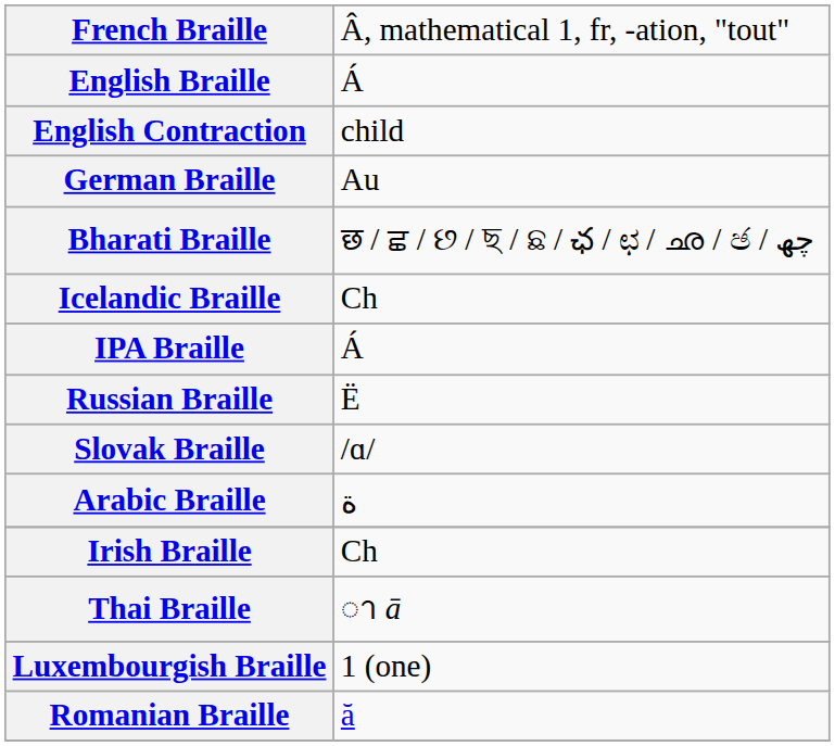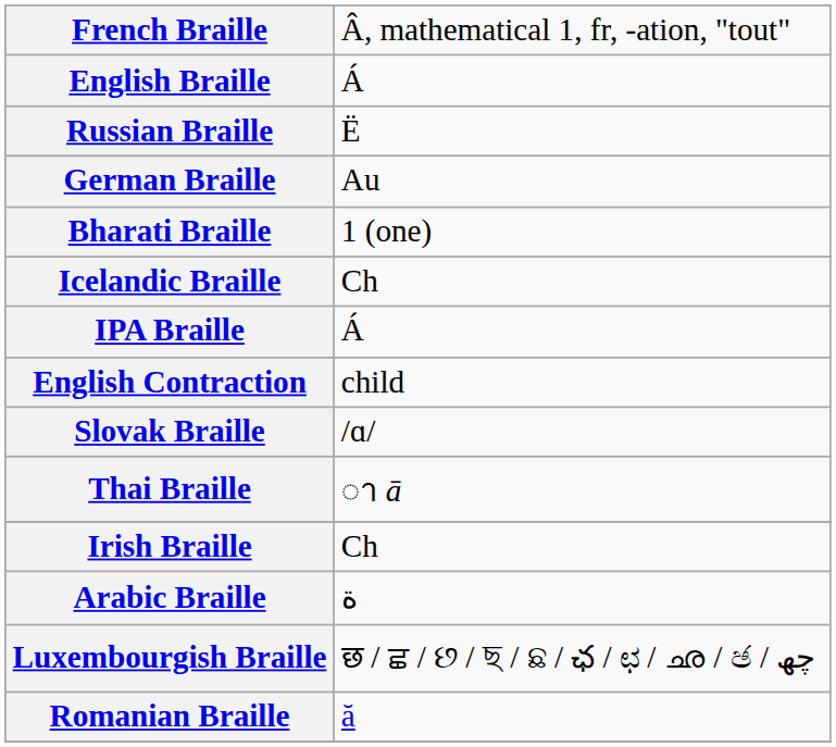 <table class="wikitable">
 <tr>
 <th align=left><a href='#'>French Braille</a></th>
 <td>Â, mathematical 1, fr, -ation, "tout"</td>
 </tr>
 <tr>
 <th align=left><a href='#'>English Braille</a></th>
 <td>Á</td>
 </tr>
 <tr>
-<th align=left><a href='#'>English Contraction</a></th>
-<td>child</td>
+<th align=left><a href='#'>Russian Braille</a></th>
+<td>Ё</td>
 </tr>
 <tr>
 <th align=left><a href='#'>German Braille</a></th>
 <td>Au</td>
 </tr>
 <tr>
 <th align=left><a href='#'>Bharati Braille</a></th>
-<td>छ / ਛ / છ / ছ / ଛ / ఛ / ಛ / ഛ / ඡ / چھ ‎</td>
+<td>1 (one)</td>
 </tr>
 <tr>
 <th align=left><a href='#'>Icelandic Braille</a></th>
 <td>Ch</td>
 </tr>
 <tr>
 <th align=left><a href='#'>IPA Braille</a></th>
 <td>Á</td>
 </tr>
 <tr>
-<th align=left><a href='#'>Russian Braille</a></th>
-<td>Ё</td>
+<th align=left><a href='#'>English Contraction</a></th>
+<td>child</td>
 </tr>
 <tr>
 <th align=left><a href='#'>Slovak Braille</a></th>
 <td>/ɑ/</td>
 </tr>
 <tr>
-<th align=left><a href='#'>Arabic Braille</a></th>
-<td>ة</td>
+<th align=left><a href='#'>Thai Braille</a></th>
+<td>◌า <em>ā</em></td>
 </tr>
 <tr>
 </tr>
 <tr>
 <th align=left><a href='#'>Irish Braille</a></th>
 <td>Ch</td>
 </tr>
 <tr>
-<th align=left><a href='#'>Thai Braille</a></th>
-<td>◌า <em>ā</em></td>
+<th align=left><a href='#'>Arabic Braille</a></th>
+<td>ة</td>
 </tr>
 <tr>
 <th align=left><a href='#'>Luxembourgish Braille</a></th>
-<td>1 (one)</td>
+<td>छ / ਛ / છ / ছ / ଛ / ఛ / ಛ / ഛ / ඡ / چھ ‎</td>
 </tr>
 <tr>
 <th align=left><a href='#'>Romanian Braille</a></th>
 <td><a href='#'>ă</a></td>
 </tr>
 <tr>
 </tr>
 </table>
